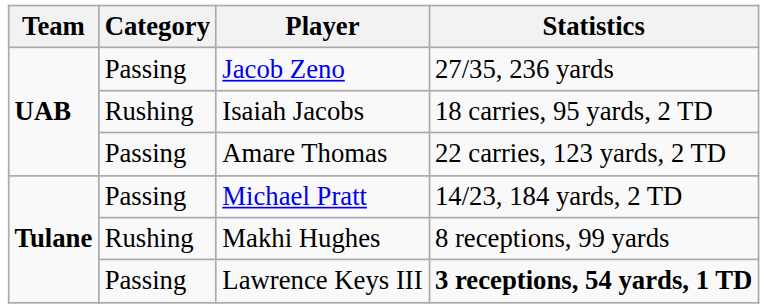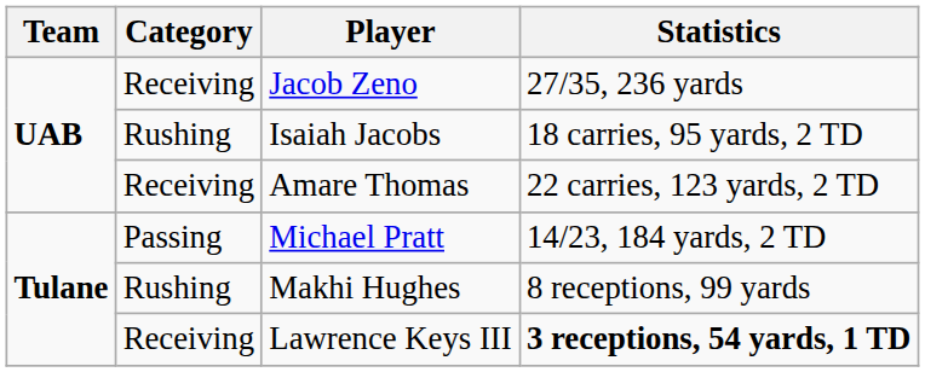 <table class="wikitable" style="float: right;">
 <tr>
 <th>Team</th>
 <th>Category</th>
 <th>Player</th>
 <th>Statistics</th>
 </tr>
 <tr>
 <td rowspan=3><strong>UAB</strong></td>
-<td>Passing</td>
+<td>Receiving</td>
 <td><a href='#'>Jacob Zeno</a></td>
 <td>27/35, 236 yards</td>
 </tr>
 <tr>
 <td>Rushing</td>
 <td>Isaiah Jacobs</td>
 <td>18 carries, 95 yards, 2 TD</td>
 </tr>
 <tr>
-<td>Passing</td>
+<td>Receiving</td>
 <td>Amare Thomas</td>
 <td>22 carries, 123 yards, 2 TD</td>
 </tr>
 <tr>
 <td rowspan=3><strong>Tulane</strong></td>
 <td>Passing</td>
 <td><a href='#'>Michael Pratt</a></td>
 <td>14/23, 184 yards, 2 TD</td>
 </tr>
 <tr>
 <td>Rushing</td>
 <td>Makhi Hughes</td>
 <td>8 receptions, 99 yards</td>
 </tr>
 <tr>
-<td>Passing</td>
+<td>Receiving</td>
 <td>Lawrence Keys III</td>
 <td><strong>3 receptions, 54 yards, 1 TD</strong></td>
 </tr>
 </table>
